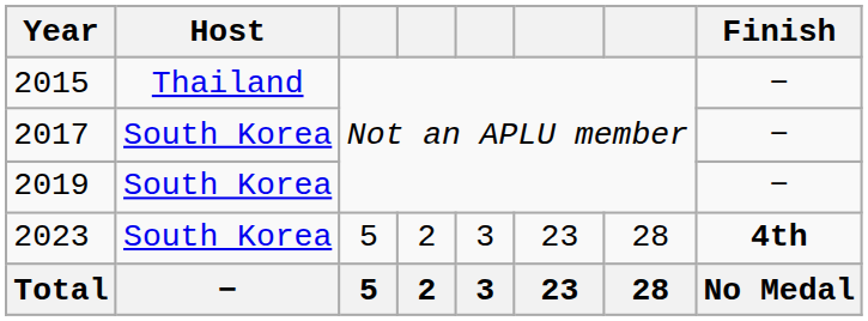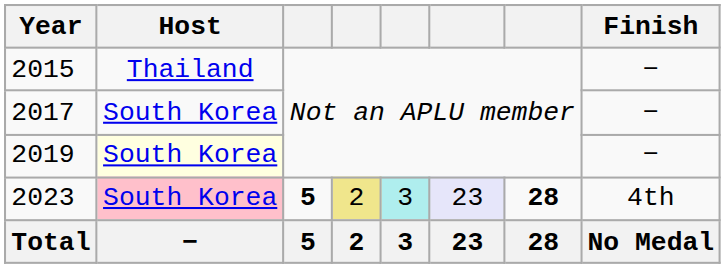 <table class="wikitable" style="text-align: center;">
 <tr>
 <th>Year</th>
 <th>Host</th>
 <th></th>
 <th></th>
 <th></th>
 <th></th>
 <th></th>
 <th>Finish</th>
 </tr>
 <tr>
 <td align=left>2015</td>
 <td><a href='#'>Thailand</a></td>
 <td colspan=5 rowspan=3><em>Not an APLU member</em></td>
 <td>−</td>
 </tr>
 <tr>
 <td align=left>2017</td>
 <td><a href='#'>South Korea</a></td>
 <td>−</td>
 </tr>
 <tr>
 <td align=left>2019</td>
-<td><a href='#'>South Korea</a></td>
+<td style="background: lightyellow;"><a href='#'>South Korea</a></td>
 <td>−</td>
 </tr>
 <tr>
 <td align=left>2023</td>
-<td><a href='#'>South Korea</a></td>
-<td>5</td>
-<td>2</td>
-<td>3</td>
-<td>23</td>
-<td>28</td>
-<td><strong>4th</strong></td>
+<td style="background: pink;"><a href='#'>South Korea</a></td>
+<td><strong>5</strong></td>
+<td style="background: khaki;">2</td>
+<td style="background: paleturquoise;">3</td>
+<td style="background: lavender;">23</td>
+<td><strong>28</strong></td>
+<td>4th</td>
 </tr>
 <tr>
 <th>Total</th>
 <th>−</th>
 <th>5</th>
 <th>2</th>
 <th>3</th>
 <th>23</th>
 <th>28</th>
 <th>No Medal</th>
 </tr>
 </table>
